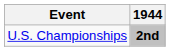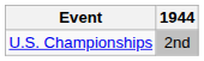 <table class="wikitable">
 <tr>
 <th>Event</th>
 <th>1944</th>
 </tr>
 <tr>
 <td><a href='#'>U.S. Championships</a></td>
-<td align="center" bgcolor="silver"><strong>2nd</strong></td>
+<td align="center" bgcolor="silver">2nd</td>
 </tr>
 </table>
